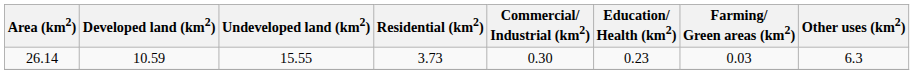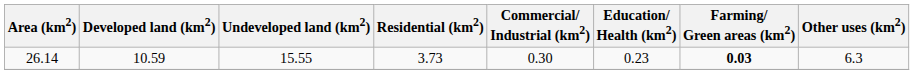 <table class="wikitable" style="text-align: center;">
 <tr>
 <th>Area (km<sup>2</sup>)</th>
 <th>Developed land (km<sup>2</sup>)</th>
 <th>Undeveloped land (km<sup>2</sup>)</th>
 <th>Residential (km<sup>2</sup>)</th>
 <th>Commercial/<br> Industrial (km<sup>2</sup>)</th>
 <th>Education/<br> Health (km<sup>2</sup>)</th>
 <th>Farming/<br> Green areas (km<sup>2</sup>)</th>
 <th>Other uses (km<sup>2</sup>)</th>
 </tr>
 <tr>
 <td>26.14</td>
 <td>10.59</td>
 <td>15.55</td>
 <td>3.73</td>
 <td>0.30</td>
 <td>0.23</td>
-<td>0.03</td>
+<td><strong>0.03</strong></td>
 <td>6.3</td>
 </tr>
 <tr>
 </tr>
 </table>
